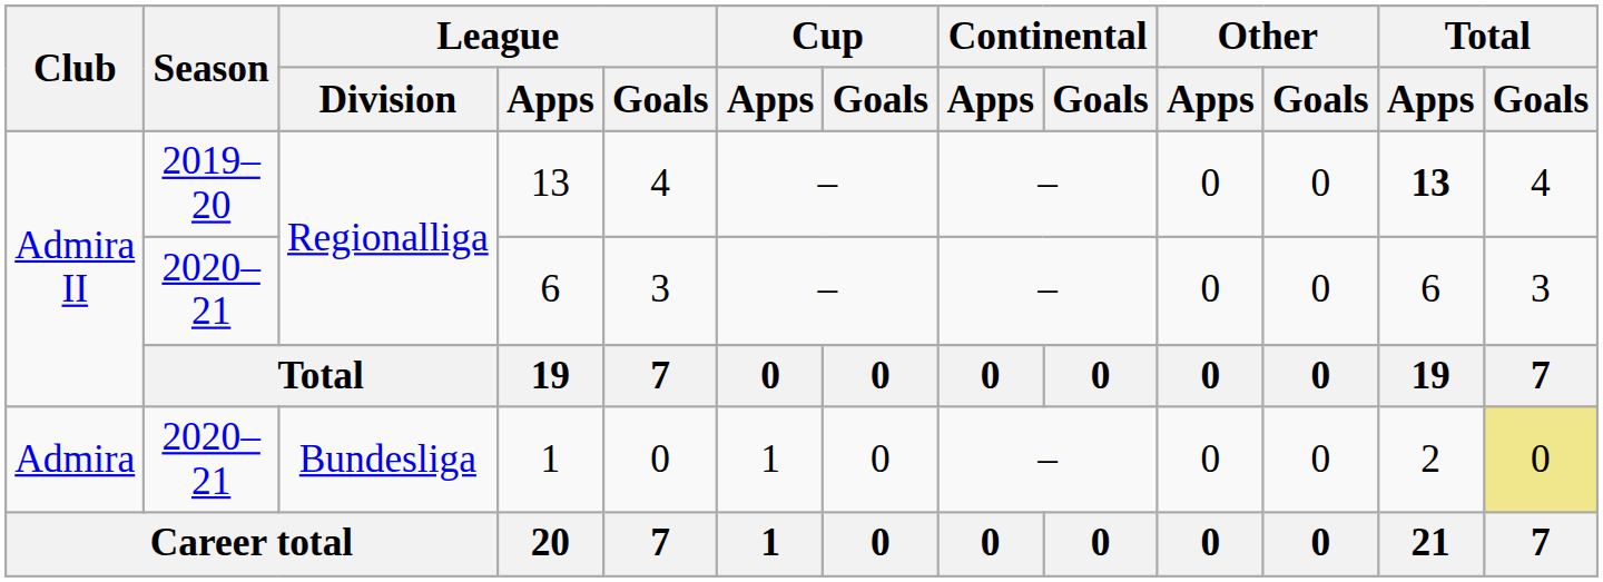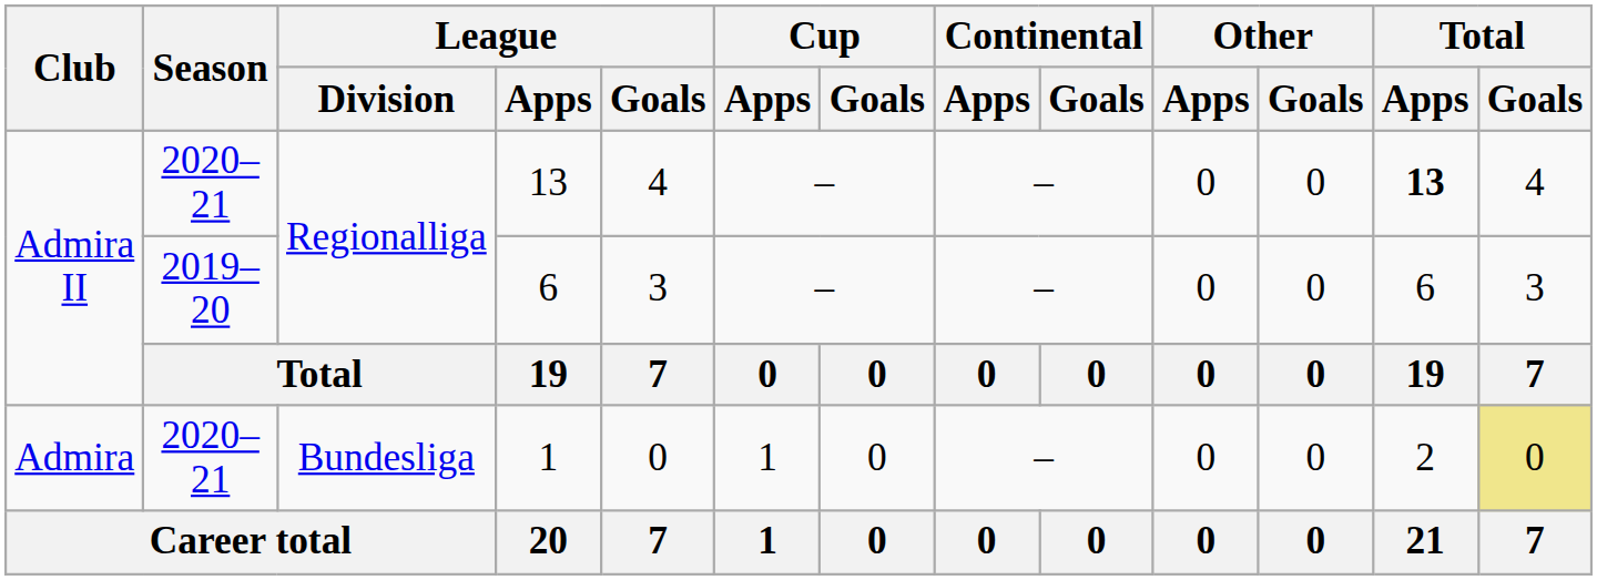 <table class="wikitable" style="text-align: center">
 <tr>
 <th rowspan="2">Club</th>
 <th rowspan="2">Season</th>
 <th colspan="3">League</th>
 <th colspan="2">Cup</th>
 <th colspan="2">Continental</th>
 <th colspan="2">Other</th>
 <th colspan="2">Total</th>
 </tr>
 <tr>
 <th>Division</th>
 <th>Apps</th>
 <th>Goals</th>
 <th>Apps</th>
 <th>Goals</th>
 <th>Apps</th>
 <th>Goals</th>
 <th>Apps</th>
 <th>Goals</th>
 <th>Apps</th>
 <th>Goals</th>
 </tr>
 <tr>
 <td rowspan="3"><a href='#'>Admira II</a></td>
-<td><a href='#'>2019–20</a></td>
+<td><a href='#'>2020–21</a></td>
 <td rowspan="2"><a href='#'>Regionalliga</a></td>
 <td>13</td>
 <td>4</td>
 <td colspan="2">–</td>
 <td colspan="2">–</td>
 <td>0</td>
 <td>0</td>
 <td><strong>13</strong></td>
 <td>4</td>
 </tr>
 <tr>
-<td><a href='#'>2020–21</a></td>
+<td><a href='#'>2019–20</a></td>
 <td>6</td>
 <td>3</td>
 <td colspan="2">–</td>
 <td colspan="2">–</td>
 <td>0</td>
 <td>0</td>
 <td>6</td>
 <td>3</td>
 </tr>
 <tr>
 <th colspan=2>Total</th>
 <th>19</th>
 <th>7</th>
 <th>0</th>
 <th>0</th>
 <th>0</th>
 <th>0</th>
 <th>0</th>
 <th>0</th>
 <th>19</th>
 <th>7</th>
 </tr>
 <tr>
 <td><a href='#'>Admira</a></td>
 <td><a href='#'>2020–21</a></td>
 <td><a href='#'>Bundesliga</a></td>
 <td>1</td>
 <td>0</td>
 <td>1</td>
 <td>0</td>
 <td colspan="2">–</td>
 <td>0</td>
 <td>0</td>
 <td>2</td>
 <td style="background: khaki;">0</td>
 </tr>
 <tr>
 <th colspan=3>Career total</th>
 <th>20</th>
 <th>7</th>
 <th>1</th>
 <th>0</th>
 <th>0</th>
 <th>0</th>
 <th>0</th>
 <th>0</th>
 <th>21</th>
 <th>7</th>
 </tr>
 </table>
